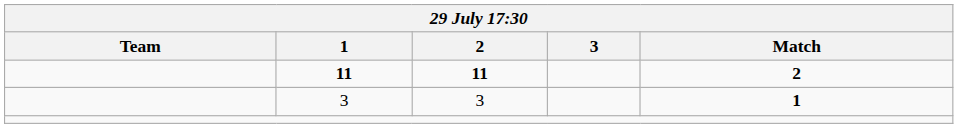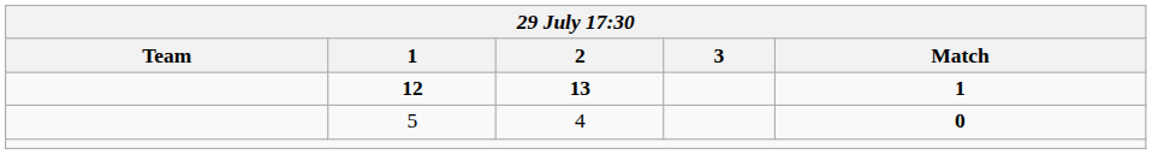 <table class=wikitable style="text-align:center; width: 55%">
 <tr>
 <th colspan=10><em>29 July 17:30</em></th>
 </tr>
 <tr>
 <th>Team</th>
 <th>1</th>
 <th>2</th>
 <th>3</th>
 <th>Match</th>
 </tr>
 <tr>
 <td align=left><strong><br></strong></td>
-<td><strong>11</strong></td>
-<td><strong>11</strong></td>
+<td><strong>12</strong></td>
+<td><strong>13</strong></td>
 <td></td>
-<td><strong>2</strong></td>
+<td><strong>1</strong></td>
 </tr>
 <tr>
 <td align=left><br></td>
-<td>3</td>
-<td>3</td>
+<td>5</td>
+<td>4</td>
 <td></td>
-<td><strong>1</strong></td>
+<td><strong>0</strong></td>
 </tr>
 <tr>
 <td colspan=10></td>
 </tr>
 </table>
